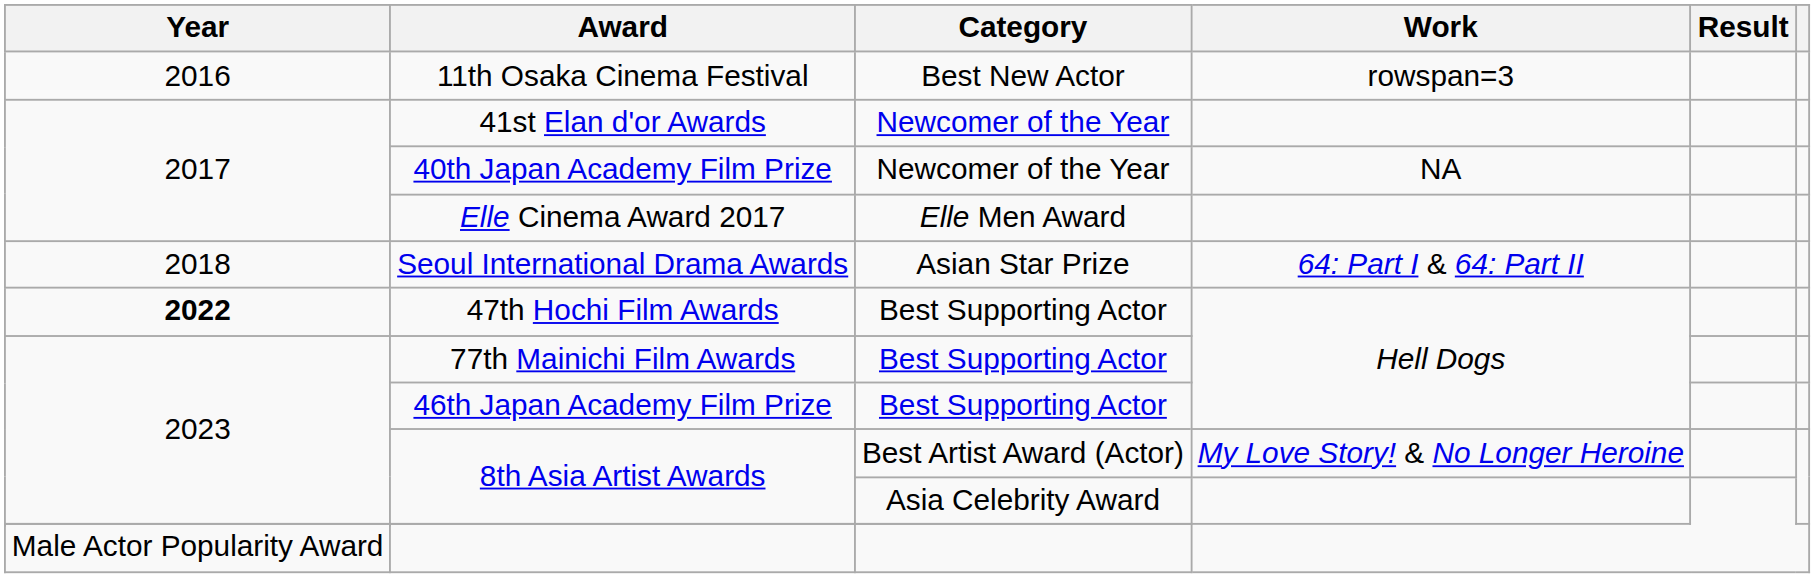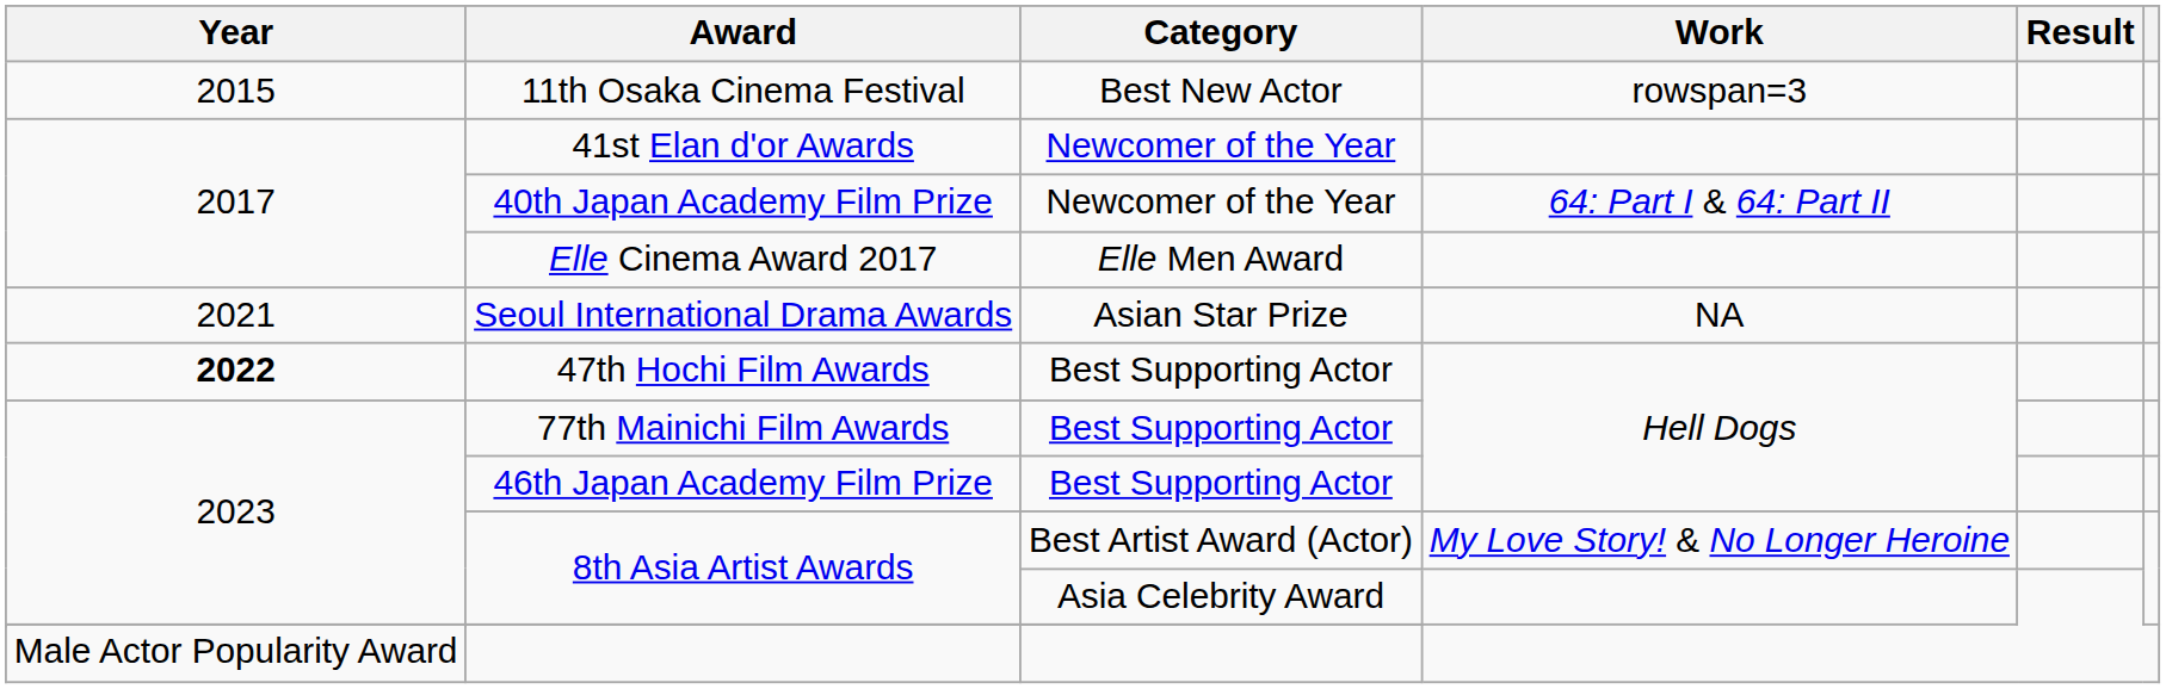 <table class="wikitable" style="text-align:center">
 <tr>
 <th>Year</th>
 <th>Award</th>
 <th>Category</th>
 <th>Work</th>
 <th>Result</th>
 <th></th>
 </tr>
 <tr>
-<td>2016</td>
+<td>2015</td>
 <td>11th Osaka Cinema Festival</td>
 <td>Best New Actor</td>
 <td>rowspan=3</td>
 <td></td>
 <td></td>
 </tr>
 <tr>
 <td rowspan="3">2017</td>
 <td>41st <a href='#'>Elan d'or Awards</a></td>
 <td><a href='#'>Newcomer of the Year</a></td>
 <td></td>
 <td></td>
 <td></td>
 </tr>
 <tr>
 <td><a href='#'>40th Japan Academy Film Prize</a></td>
 <td>Newcomer of the Year</td>
-<td>NA</td>
+<td><em><a href='#'>64: Part I</a></em> & <em><a href='#'>64: Part II</a></em></td>
 <td></td>
 <td></td>
 </tr>
 <tr>
 <td><em><a href='#'>Elle</a></em> Cinema Award 2017</td>
 <td><em>Elle</em> Men Award</td>
 <td></td>
 <td></td>
 <td></td>
 </tr>
 <tr>
-<td>2018</td>
+<td>2021</td>
 <td><a href='#'>Seoul International Drama Awards</a></td>
 <td>Asian Star Prize</td>
-<td><em><a href='#'>64: Part I</a></em> & <em><a href='#'>64: Part II</a></em></td>
+<td>NA</td>
 <td></td>
 <td style="text-align: center;"></td>
 </tr>
 <tr>
 <td><strong>2022</strong></td>
 <td>47th <a href='#'>Hochi Film Awards</a></td>
 <td>Best Supporting Actor</td>
 <td rowspan=3><em>Hell Dogs</em></td>
 <td></td>
 <td></td>
 </tr>
 <tr>
 <td rowspan=5>2023</td>
 <td>77th <a href='#'>Mainichi Film Awards</a></td>
 <td><a href='#'>Best Supporting Actor</a></td>
 <td></td>
 <td></td>
 </tr>
 <tr>
 <td><a href='#'>46th Japan Academy Film Prize</a></td>
 <td><a href='#'>Best Supporting Actor</a></td>
 <td></td>
 <td></td>
 </tr>
 <tr>
 <td rowspan=3><a href='#'>8th Asia Artist Awards</a></td>
 <td>Best Artist Award (Actor)</td>
 <td><em><a href='#'>My Love Story!</a></em> & <em><a href='#'>No Longer Heroine</a></em></td>
 <td></td>
 <td rowspan=2></td>
 </tr>
 <tr>
 <td>Asia Celebrity Award</td>
 <td></td>
 </tr>
 <tr>
 </tr>
 <tr>
 </tr>
 <tr>
 <td>Male Actor Popularity Award</td>
 <td></td>
 <td></td>
 </tr>
 </table>
